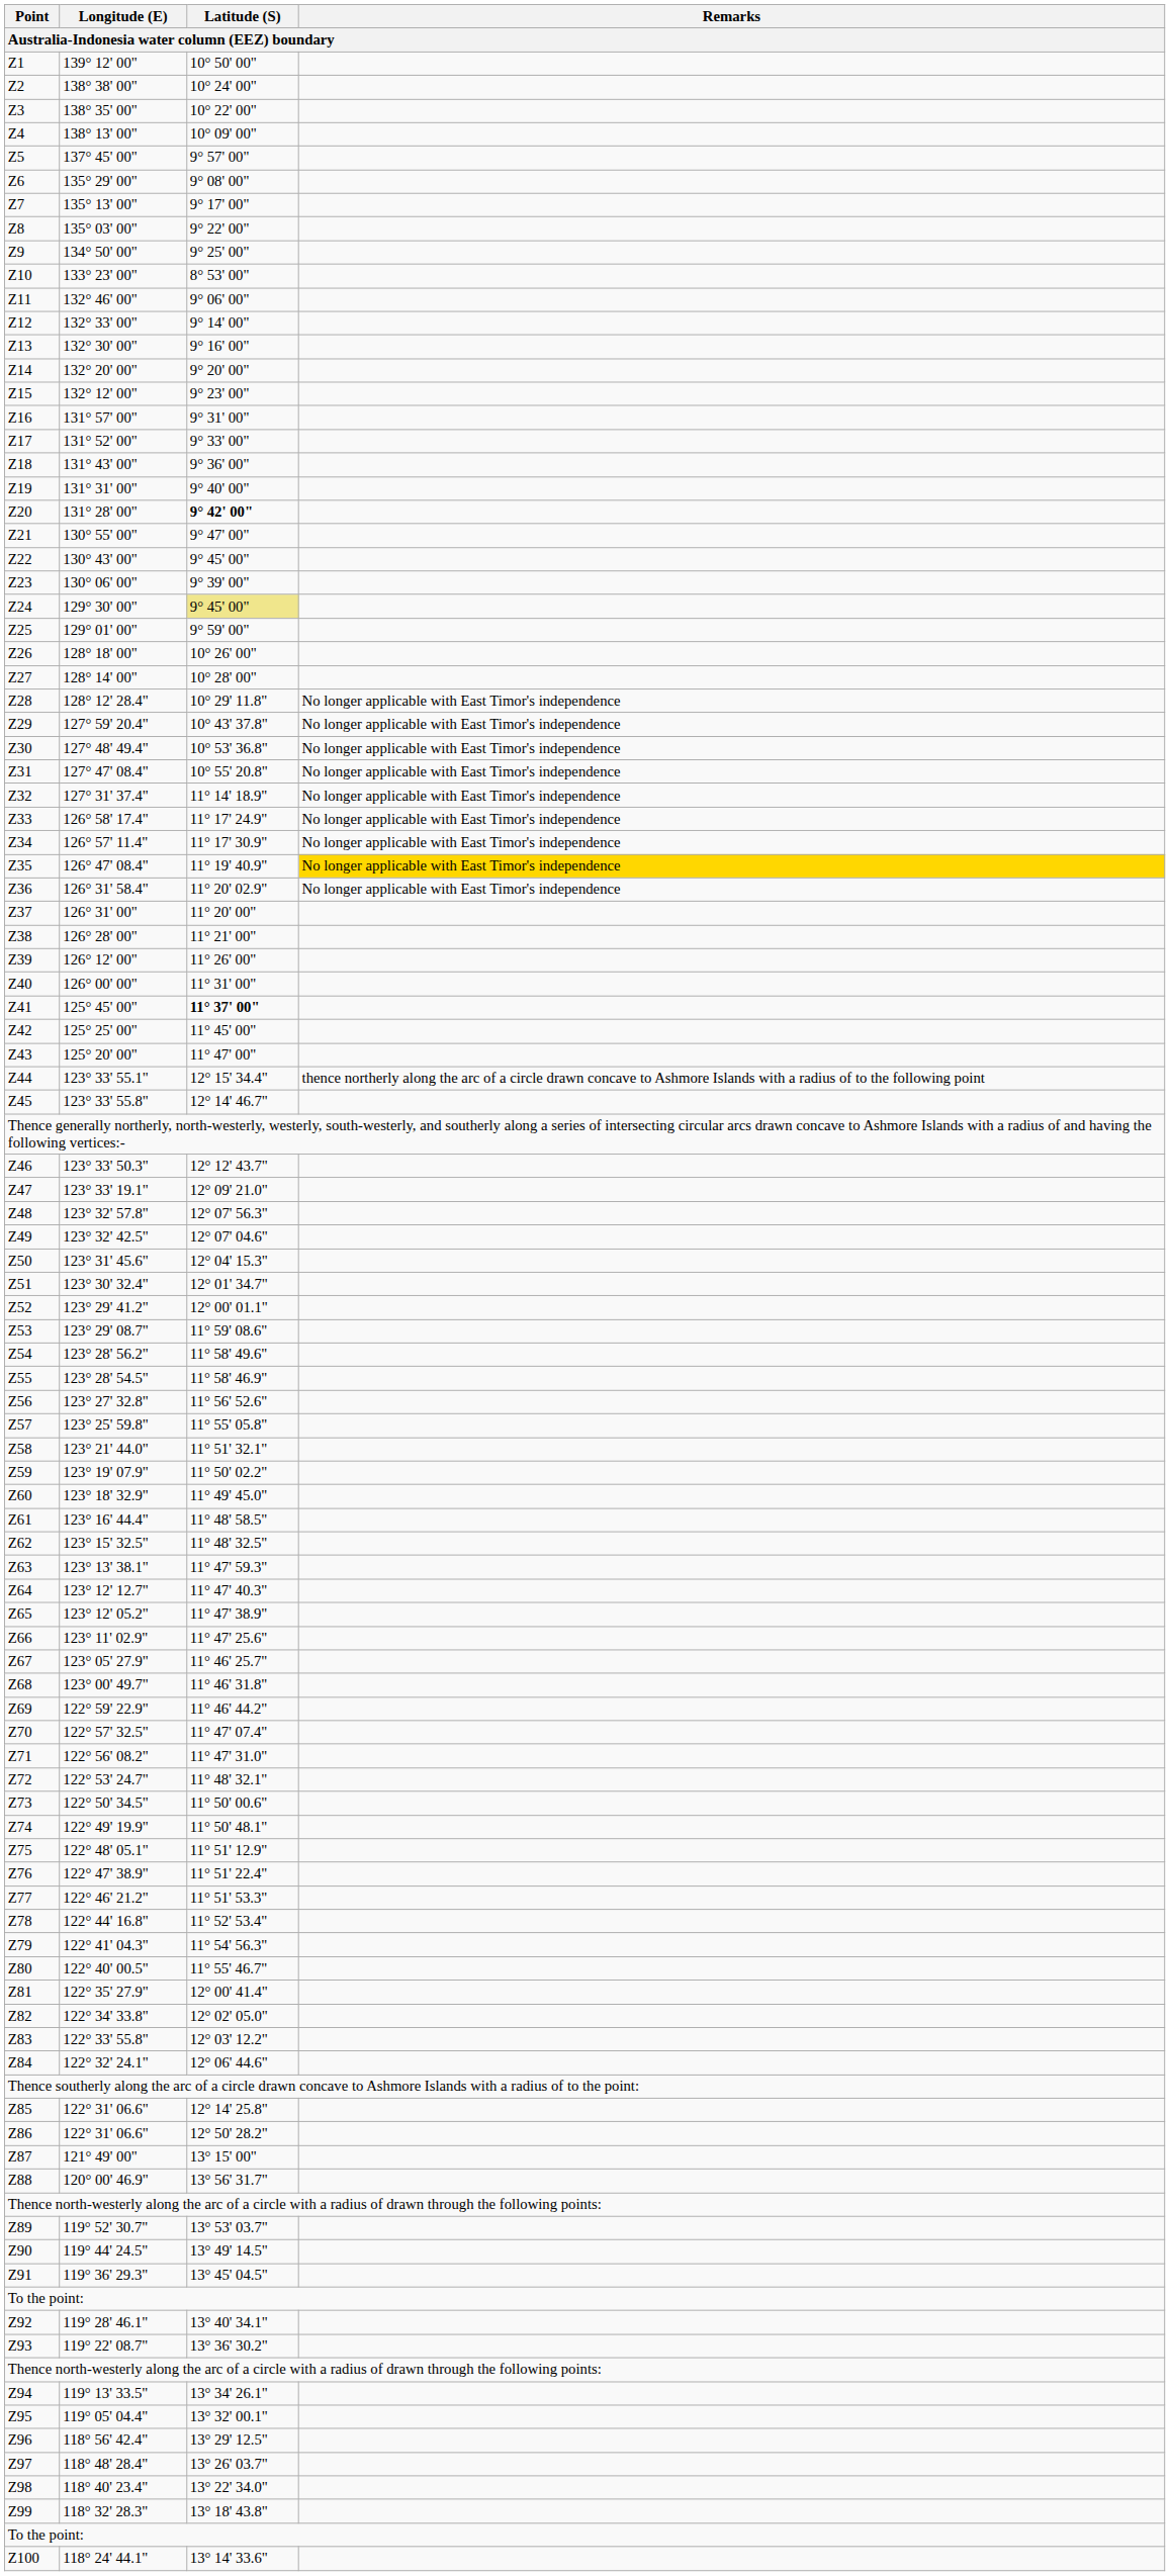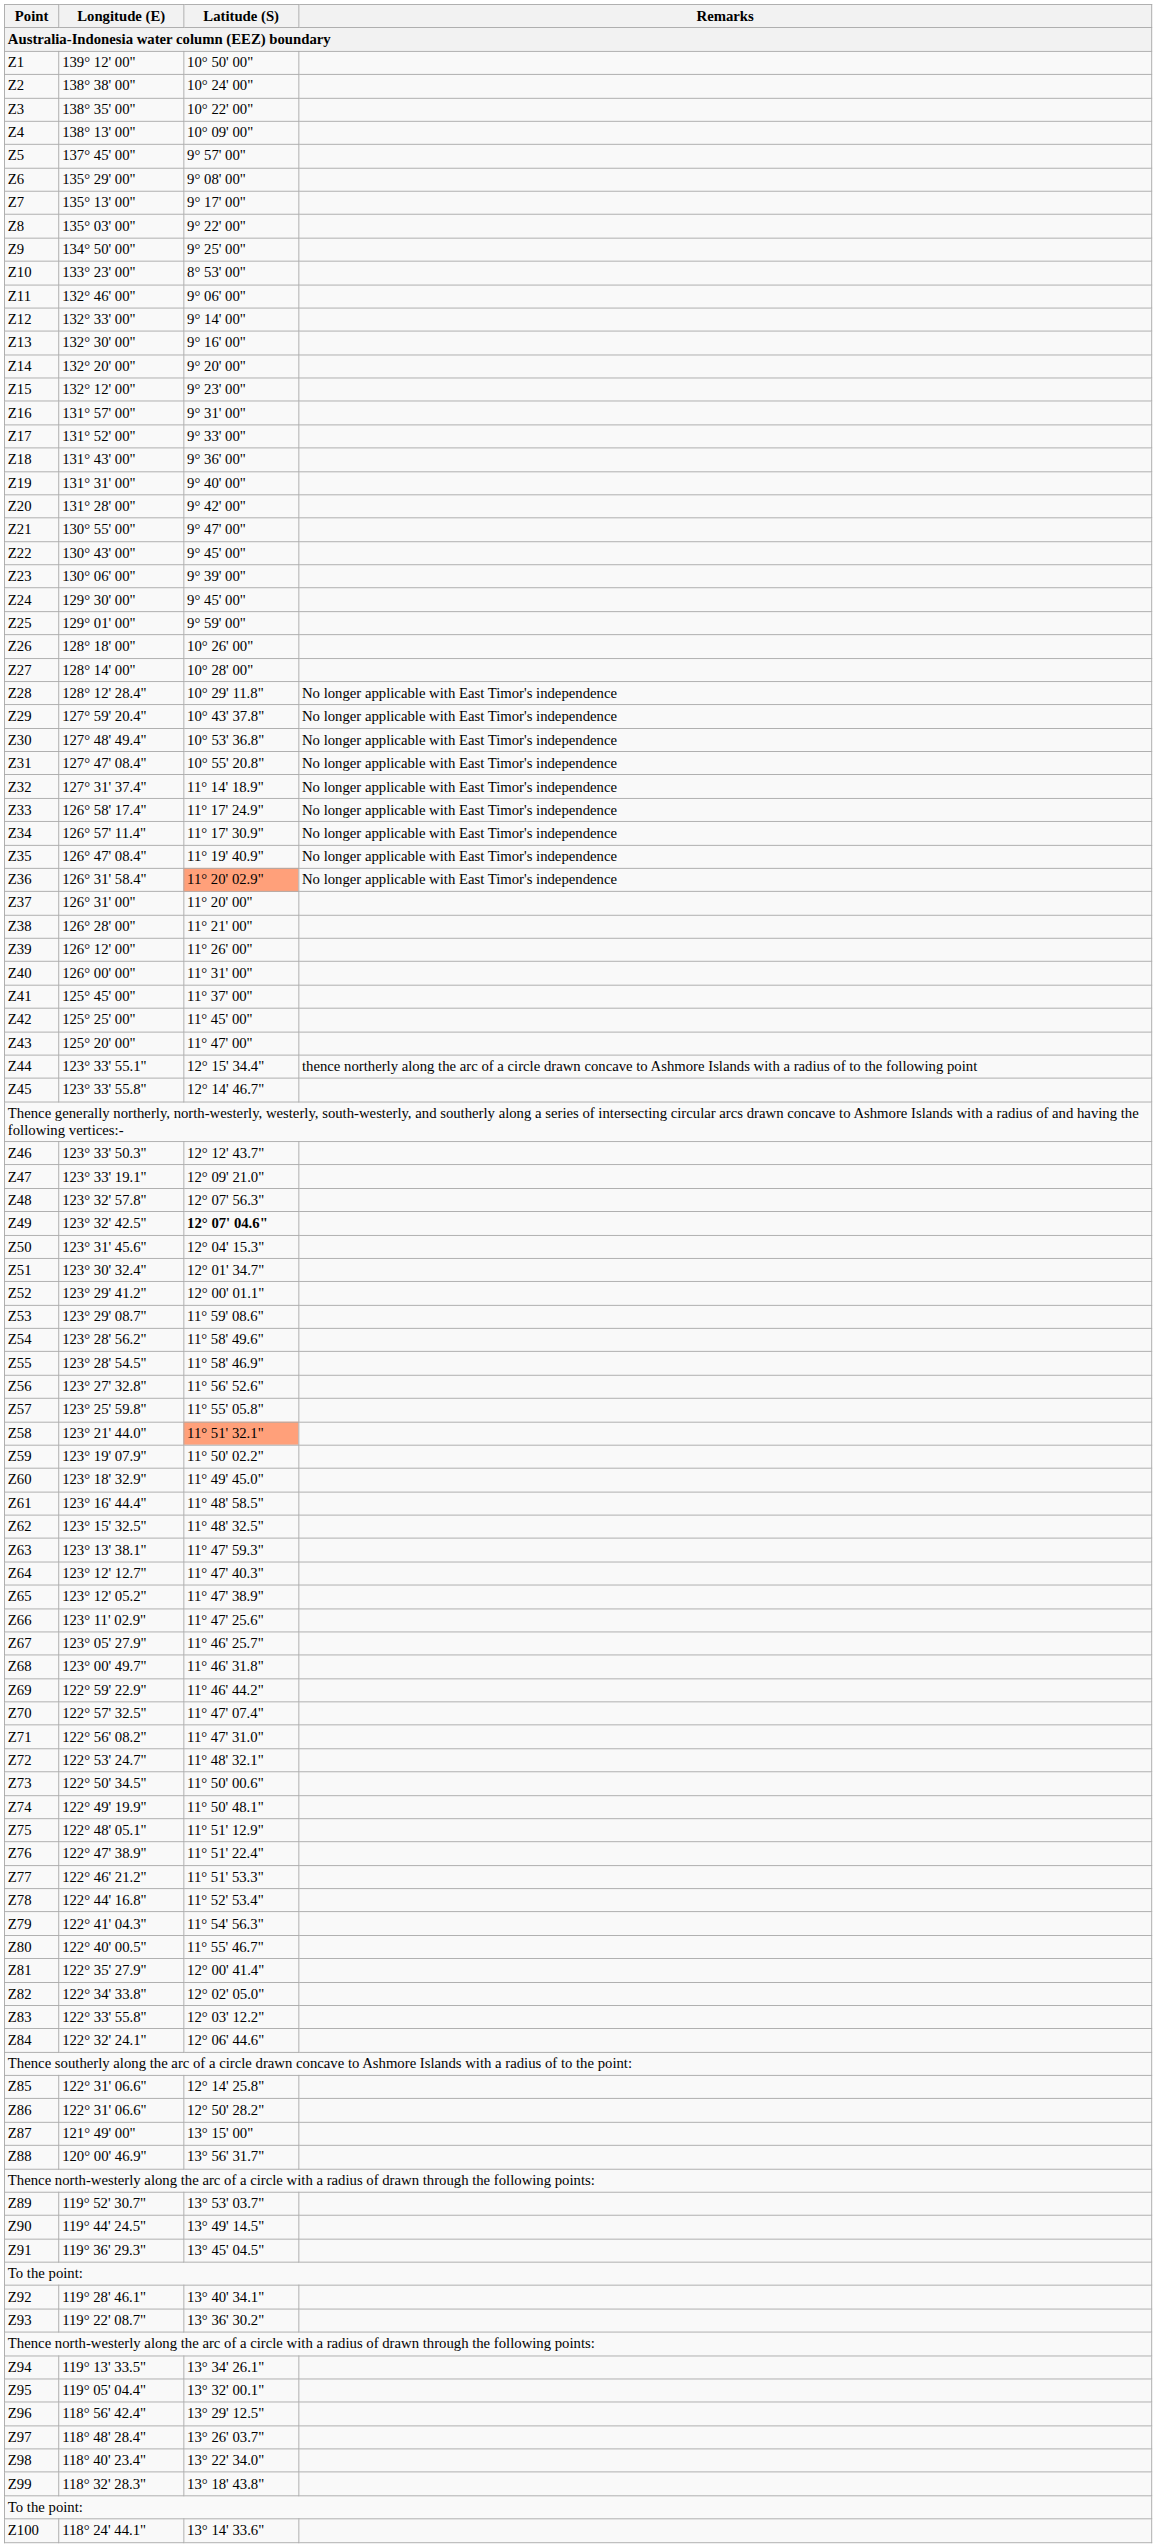 <table class="wikitable">
 <tr>
 <th>Point</th>
 <th>Longitude (E)</th>
 <th>Latitude (S)</th>
 <th>Remarks</th>
 </tr>
 <tr>
 <th colspan="4" style="text-align:left">Australia-Indonesia water column (EEZ) boundary</th>
 </tr>
 <tr>
 <td>Z1</td>
 <td>139° 12' 00"</td>
 <td>10° 50' 00"</td>
 <td></td>
 </tr>
 <tr>
 <td>Z2</td>
 <td>138° 38' 00"</td>
 <td>10° 24' 00"</td>
 <td></td>
 </tr>
 <tr>
 <td>Z3</td>
 <td>138° 35' 00"</td>
 <td>10° 22' 00"</td>
 <td></td>
 </tr>
 <tr>
 <td>Z4</td>
 <td>138° 13' 00"</td>
 <td>10° 09' 00"</td>
 <td></td>
 </tr>
 <tr>
 <td>Z5</td>
 <td>137° 45' 00"</td>
 <td>9° 57' 00"</td>
 <td></td>
 </tr>
 <tr>
 <td>Z6</td>
 <td>135° 29' 00"</td>
 <td>9° 08' 00"</td>
 <td></td>
 </tr>
 <tr>
 <td>Z7</td>
 <td>135° 13' 00"</td>
 <td>9° 17' 00"</td>
 <td></td>
 </tr>
 <tr>
 <td>Z8</td>
 <td>135° 03' 00"</td>
 <td>9° 22' 00"</td>
 <td></td>
 </tr>
 <tr>
 <td>Z9</td>
 <td>134° 50' 00"</td>
 <td>9° 25' 00"</td>
 <td></td>
 </tr>
 <tr>
 <td>Z10</td>
 <td>133° 23' 00"</td>
 <td>8° 53' 00"</td>
 <td></td>
 </tr>
 <tr>
 <td>Z11</td>
 <td>132° 46' 00"</td>
 <td>9° 06' 00"</td>
 <td></td>
 </tr>
 <tr>
 <td>Z12</td>
 <td>132° 33' 00"</td>
 <td>9° 14' 00"</td>
 <td></td>
 </tr>
 <tr>
 <td>Z13</td>
 <td>132° 30' 00"</td>
 <td>9° 16' 00"</td>
 <td></td>
 </tr>
 <tr>
 <td>Z14</td>
 <td>132° 20' 00"</td>
 <td>9° 20' 00"</td>
 <td></td>
 </tr>
 <tr>
 <td>Z15</td>
 <td>132° 12' 00"</td>
 <td>9° 23' 00"</td>
 <td></td>
 </tr>
 <tr>
 <td>Z16</td>
 <td>131° 57' 00"</td>
 <td>9° 31' 00"</td>
 <td></td>
 </tr>
 <tr>
 <td>Z17</td>
 <td>131° 52' 00"</td>
 <td>9° 33' 00"</td>
 <td></td>
 </tr>
 <tr>
 <td>Z18</td>
 <td>131° 43' 00"</td>
 <td>9° 36' 00"</td>
 <td></td>
 </tr>
 <tr>
 <td>Z19</td>
 <td>131° 31' 00"</td>
 <td>9° 40' 00"</td>
 <td></td>
 </tr>
 <tr>
 <td>Z20</td>
 <td>131° 28' 00"</td>
-<td><strong>9° 42' 00"</strong></td>
+<td>9° 42' 00"</td>
 <td></td>
 </tr>
 <tr>
 <td>Z21</td>
 <td>130° 55' 00"</td>
 <td>9° 47' 00"</td>
 <td></td>
 </tr>
 <tr>
 <td>Z22</td>
 <td>130° 43' 00"</td>
 <td>9° 45' 00"</td>
 <td></td>
 </tr>
 <tr>
 <td>Z23</td>
 <td>130° 06' 00"</td>
 <td>9° 39' 00"</td>
 <td></td>
 </tr>
 <tr>
 <td>Z24</td>
 <td>129° 30' 00"</td>
-<td style="background: khaki;">9° 45' 00"</td>
+<td>9° 45' 00"</td>
 <td></td>
 </tr>
 <tr>
 <td>Z25</td>
 <td>129° 01' 00"</td>
 <td>9° 59' 00"</td>
 <td></td>
 </tr>
 <tr>
 <td>Z26</td>
 <td>128° 18' 00"</td>
 <td>10° 26' 00"</td>
 <td></td>
 </tr>
 <tr>
 <td>Z27</td>
 <td>128° 14' 00"</td>
 <td>10° 28' 00"</td>
 <td></td>
 </tr>
 <tr>
 <td>Z28</td>
 <td>128° 12' 28.4"</td>
 <td>10° 29' 11.8"</td>
 <td>No longer applicable with East Timor's independence</td>
 </tr>
 <tr>
 <td>Z29</td>
 <td>127° 59' 20.4"</td>
 <td>10° 43' 37.8"</td>
 <td>No longer applicable with East Timor's independence</td>
 </tr>
 <tr>
 <td>Z30</td>
 <td>127° 48' 49.4"</td>
 <td>10° 53' 36.8"</td>
 <td>No longer applicable with East Timor's independence</td>
 </tr>
 <tr>
 <td>Z31</td>
 <td>127° 47' 08.4"</td>
 <td>10° 55' 20.8"</td>
 <td>No longer applicable with East Timor's independence</td>
 </tr>
 <tr>
 <td>Z32</td>
 <td>127° 31' 37.4"</td>
 <td>11° 14' 18.9"</td>
 <td>No longer applicable with East Timor's independence</td>
 </tr>
 <tr>
 <td>Z33</td>
 <td>126° 58' 17.4"</td>
 <td>11° 17' 24.9"</td>
 <td>No longer applicable with East Timor's independence</td>
 </tr>
 <tr>
 <td>Z34</td>
 <td>126° 57' 11.4"</td>
 <td>11° 17' 30.9"</td>
 <td>No longer applicable with East Timor's independence</td>
 </tr>
 <tr>
 <td>Z35</td>
 <td>126° 47' 08.4"</td>
 <td>11° 19' 40.9"</td>
-<td style="background: gold;">No longer applicable with East Timor's independence</td>
+<td>No longer applicable with East Timor's independence</td>
 </tr>
 <tr>
 <td>Z36</td>
 <td>126° 31' 58.4"</td>
-<td>11° 20' 02.9"</td>
+<td style="background: lightsalmon;">11° 20' 02.9"</td>
 <td>No longer applicable with East Timor's independence</td>
 </tr>
 <tr>
 <td>Z37</td>
 <td>126° 31' 00"</td>
 <td>11° 20' 00"</td>
 <td></td>
 </tr>
 <tr>
 <td>Z38</td>
 <td>126° 28' 00"</td>
 <td>11° 21' 00"</td>
 <td></td>
 </tr>
 <tr>
 <td>Z39</td>
 <td>126° 12' 00"</td>
 <td>11° 26' 00"</td>
 <td></td>
 </tr>
 <tr>
 <td>Z40</td>
 <td>126° 00' 00"</td>
 <td>11° 31' 00"</td>
 <td></td>
 </tr>
 <tr>
 <td>Z41</td>
 <td>125° 45' 00"</td>
-<td><strong>11° 37' 00"</strong></td>
+<td>11° 37' 00"</td>
 <td></td>
 </tr>
 <tr>
 <td>Z42</td>
 <td>125° 25' 00"</td>
 <td>11° 45' 00"</td>
 <td></td>
 </tr>
 <tr>
 <td>Z43</td>
 <td>125° 20' 00"</td>
 <td>11° 47' 00"</td>
 <td></td>
 </tr>
 <tr>
 <td>Z44</td>
 <td>123° 33' 55.1"</td>
 <td>12° 15' 34.4"</td>
 <td>thence northerly along the arc of a circle drawn concave to Ashmore Islands with a radius of  to the following point</td>
 </tr>
 <tr>
 <td>Z45</td>
 <td>123° 33' 55.8"</td>
 <td>12° 14' 46.7"</td>
 <td></td>
 </tr>
 <tr>
 <td colspan="4" style="text-align:left">Thence generally northerly, north-westerly, westerly, south-westerly, and southerly along a series of intersecting circular arcs drawn concave to Ashmore Islands with a radius of  and having the following vertices:-</td>
 </tr>
 <tr>
 <td>Z46</td>
 <td>123° 33' 50.3"</td>
 <td>12° 12' 43.7"</td>
 <td></td>
 </tr>
 <tr>
 <td>Z47</td>
 <td>123° 33' 19.1"</td>
 <td>12° 09' 21.0"</td>
 <td></td>
 </tr>
 <tr>
 <td>Z48</td>
 <td>123° 32' 57.8"</td>
 <td>12° 07' 56.3"</td>
 <td></td>
 </tr>
 <tr>
 <td>Z49</td>
 <td>123° 32' 42.5"</td>
-<td>12° 07' 04.6"</td>
+<td><strong>12° 07' 04.6"</strong></td>
 <td></td>
 </tr>
 <tr>
 <td>Z50</td>
 <td>123° 31' 45.6"</td>
 <td>12° 04' 15.3"</td>
 <td></td>
 </tr>
 <tr>
 <td>Z51</td>
 <td>123° 30' 32.4"</td>
 <td>12° 01' 34.7"</td>
 <td></td>
 </tr>
 <tr>
 <td>Z52</td>
 <td>123° 29' 41.2"</td>
 <td>12° 00' 01.1"</td>
 <td></td>
 </tr>
 <tr>
 <td>Z53</td>
 <td>123° 29' 08.7"</td>
 <td>11° 59' 08.6"</td>
 <td></td>
 </tr>
 <tr>
 <td>Z54</td>
 <td>123° 28' 56.2"</td>
 <td>11° 58' 49.6"</td>
 <td></td>
 </tr>
 <tr>
 <td>Z55</td>
 <td>123° 28' 54.5"</td>
 <td>11° 58' 46.9"</td>
 <td></td>
 </tr>
 <tr>
 <td>Z56</td>
 <td>123° 27' 32.8"</td>
 <td>11° 56' 52.6"</td>
 <td></td>
 </tr>
 <tr>
 <td>Z57</td>
 <td>123° 25' 59.8"</td>
 <td>11° 55' 05.8"</td>
 <td></td>
 </tr>
 <tr>
 <td>Z58</td>
 <td>123° 21' 44.0"</td>
-<td>11° 51' 32.1"</td>
+<td style="background: lightsalmon;">11° 51' 32.1"</td>
 <td></td>
 </tr>
 <tr>
 <td>Z59</td>
 <td>123° 19' 07.9"</td>
 <td>11° 50' 02.2"</td>
 <td></td>
 </tr>
 <tr>
 <td>Z60</td>
 <td>123° 18' 32.9"</td>
 <td>11° 49' 45.0"</td>
 <td></td>
 </tr>
 <tr>
 <td>Z61</td>
 <td>123° 16' 44.4"</td>
 <td>11° 48' 58.5"</td>
 <td></td>
 </tr>
 <tr>
 <td>Z62</td>
 <td>123° 15' 32.5"</td>
 <td>11° 48' 32.5"</td>
 <td></td>
 </tr>
 <tr>
 <td>Z63</td>
 <td>123° 13' 38.1"</td>
 <td>11° 47' 59.3"</td>
 <td></td>
 </tr>
 <tr>
 <td>Z64</td>
 <td>123° 12' 12.7"</td>
 <td>11° 47' 40.3"</td>
 <td></td>
 </tr>
 <tr>
 <td>Z65</td>
 <td>123° 12' 05.2"</td>
 <td>11° 47' 38.9"</td>
 <td></td>
 </tr>
 <tr>
 <td>Z66</td>
 <td>123° 11' 02.9"</td>
 <td>11° 47' 25.6"</td>
 <td></td>
 </tr>
 <tr>
 <td>Z67</td>
 <td>123° 05' 27.9"</td>
 <td>11° 46' 25.7"</td>
 <td></td>
 </tr>
 <tr>
 <td>Z68</td>
 <td>123° 00' 49.7"</td>
 <td>11° 46' 31.8"</td>
 <td></td>
 </tr>
 <tr>
 <td>Z69</td>
 <td>122° 59' 22.9"</td>
 <td>11° 46' 44.2"</td>
 <td></td>
 </tr>
 <tr>
 <td>Z70</td>
 <td>122° 57' 32.5"</td>
 <td>11° 47' 07.4"</td>
 <td></td>
 </tr>
 <tr>
 <td>Z71</td>
 <td>122° 56' 08.2"</td>
 <td>11° 47' 31.0"</td>
 <td></td>
 </tr>
 <tr>
 <td>Z72</td>
 <td>122° 53' 24.7"</td>
 <td>11° 48' 32.1"</td>
 <td></td>
 </tr>
 <tr>
 <td>Z73</td>
 <td>122° 50' 34.5"</td>
 <td>11° 50' 00.6"</td>
 <td></td>
 </tr>
 <tr>
 <td>Z74</td>
 <td>122° 49' 19.9"</td>
 <td>11° 50' 48.1"</td>
 <td></td>
 </tr>
 <tr>
 <td>Z75</td>
 <td>122° 48' 05.1"</td>
 <td>11° 51' 12.9"</td>
 <td></td>
 </tr>
 <tr>
 <td>Z76</td>
 <td>122° 47' 38.9"</td>
 <td>11° 51' 22.4"</td>
 <td></td>
 </tr>
 <tr>
 <td>Z77</td>
 <td>122° 46' 21.2"</td>
 <td>11° 51' 53.3"</td>
 <td></td>
 </tr>
 <tr>
 <td>Z78</td>
 <td>122° 44' 16.8"</td>
 <td>11° 52' 53.4"</td>
 <td></td>
 </tr>
 <tr>
 <td>Z79</td>
 <td>122° 41' 04.3"</td>
 <td>11° 54' 56.3"</td>
 <td></td>
 </tr>
 <tr>
 <td>Z80</td>
 <td>122° 40' 00.5"</td>
 <td>11° 55' 46.7"</td>
 <td></td>
 </tr>
 <tr>
 <td>Z81</td>
 <td>122° 35' 27.9"</td>
 <td>12° 00' 41.4"</td>
 <td></td>
 </tr>
 <tr>
 <td>Z82</td>
 <td>122° 34' 33.8"</td>
 <td>12° 02' 05.0"</td>
 <td></td>
 </tr>
 <tr>
 <td>Z83</td>
 <td>122° 33' 55.8"</td>
 <td>12° 03' 12.2"</td>
 <td></td>
 </tr>
 <tr>
 <td>Z84</td>
 <td>122° 32' 24.1"</td>
 <td>12° 06' 44.6"</td>
 <td></td>
 </tr>
 <tr>
 <td colspan="4" style="text-align:left">Thence southerly along the arc of a circle drawn concave to Ashmore Islands with a radius of  to the point:</td>
 </tr>
 <tr>
 <td>Z85</td>
 <td>122° 31' 06.6"</td>
 <td>12° 14' 25.8"</td>
 <td></td>
 </tr>
 <tr>
 <td>Z86</td>
 <td>122° 31' 06.6"</td>
 <td>12° 50' 28.2"</td>
 <td></td>
 </tr>
 <tr>
 <td>Z87</td>
 <td>121° 49' 00"</td>
 <td>13° 15' 00"</td>
 <td></td>
 </tr>
 <tr>
 <td>Z88</td>
 <td>120° 00' 46.9"</td>
 <td>13° 56' 31.7"</td>
 <td></td>
 </tr>
 <tr>
 <td colspan="4" style="text-align:left">Thence north-westerly along the arc of a circle with a radius of  drawn through the following points:</td>
 </tr>
 <tr>
 <td>Z89</td>
 <td>119° 52' 30.7"</td>
 <td>13° 53' 03.7"</td>
 <td></td>
 </tr>
 <tr>
 <td>Z90</td>
 <td>119° 44' 24.5"</td>
 <td>13° 49' 14.5"</td>
 <td></td>
 </tr>
 <tr>
 <td>Z91</td>
 <td>119° 36' 29.3"</td>
 <td>13° 45' 04.5"</td>
 <td></td>
 </tr>
 <tr>
 <td colspan="4" style="text-align:left">To the point:</td>
 </tr>
 <tr>
 <td>Z92</td>
 <td>119° 28' 46.1"</td>
 <td>13° 40' 34.1"</td>
 <td></td>
 </tr>
 <tr>
 <td>Z93</td>
 <td>119° 22' 08.7"</td>
 <td>13° 36' 30.2"</td>
 <td></td>
 </tr>
 <tr>
 <td colspan="4" style="text-align:left">Thence north-westerly along the arc of a circle with a radius of  drawn through the following points:</td>
 </tr>
 <tr>
 <td>Z94</td>
 <td>119° 13' 33.5"</td>
 <td>13° 34' 26.1"</td>
 <td></td>
 </tr>
 <tr>
 <td>Z95</td>
 <td>119° 05' 04.4"</td>
 <td>13° 32' 00.1"</td>
 <td></td>
 </tr>
 <tr>
 <td>Z96</td>
 <td>118° 56' 42.4"</td>
 <td>13° 29' 12.5"</td>
 <td></td>
 </tr>
 <tr>
 <td>Z97</td>
 <td>118° 48' 28.4"</td>
 <td>13° 26' 03.7"</td>
 <td></td>
 </tr>
 <tr>
 <td>Z98</td>
 <td>118° 40' 23.4"</td>
 <td>13° 22' 34.0"</td>
 <td></td>
 </tr>
 <tr>
 <td>Z99</td>
 <td>118° 32' 28.3"</td>
 <td>13° 18' 43.8"</td>
 <td></td>
 </tr>
 <tr>
 <td colspan="4" style="text-align:left">To the point:</td>
 </tr>
 <tr>
 <td>Z100</td>
 <td>118° 24' 44.1"</td>
 <td>13° 14' 33.6"</td>
 <td></td>
 </tr>
 </table>
